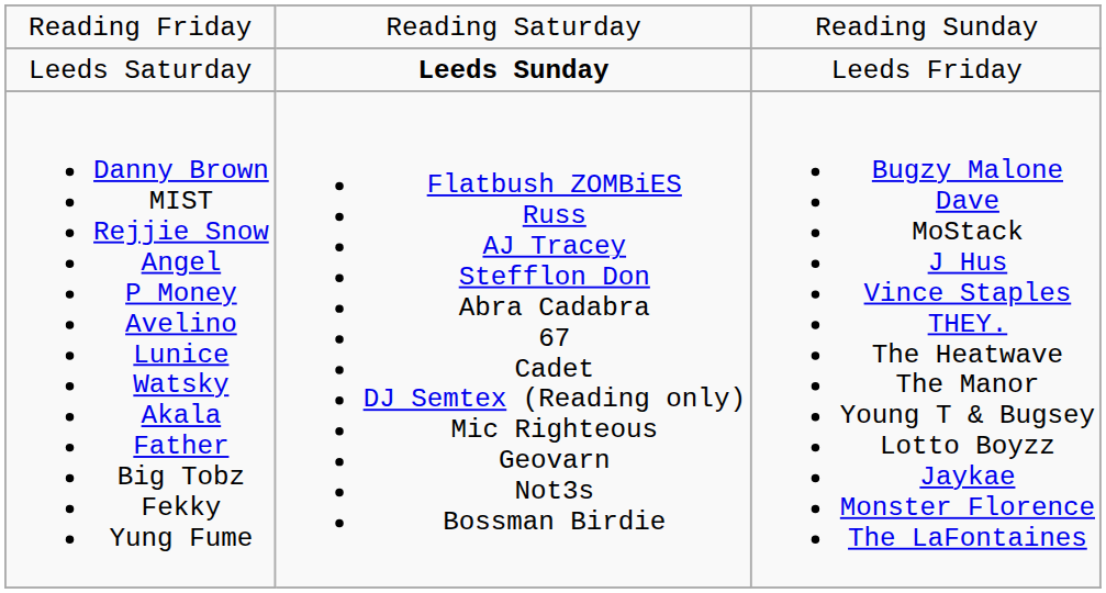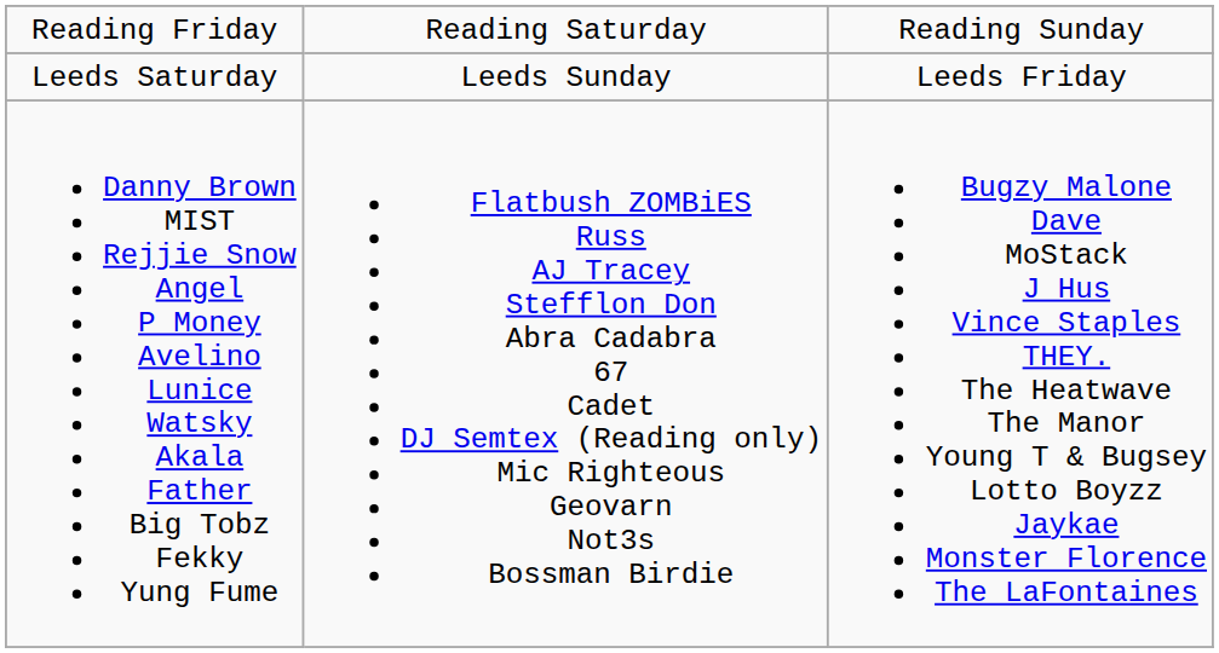 <table class="wikitable" style="text-align:center;">
 <tr>
 <td>Reading Friday</td>
 <td>Reading Saturday</td>
 <td>Reading Sunday</td>
 </tr>
 <tr>
 <td>Leeds Saturday</td>
-<td><strong>Leeds Sunday</strong></td>
+<td>Leeds Sunday</td>
 <td>Leeds Friday</td>
 </tr>
 <tr>
 <td><br><ul><li><a href='#'>Danny Brown</a></li><li>MIST</li><li><a href='#'>Rejjie Snow</a></li><li><a href='#'>Angel</a></li><li><a href='#'>P Money</a></li><li><a href='#'>Avelino</a></li><li><a href='#'>Lunice</a></li><li><a href='#'>Watsky</a></li><li><a href='#'>Akala</a></li><li><a href='#'>Father</a></li><li>Big Tobz</li><li>Fekky</li><li>Yung Fume</li></ul></td>
 <td><br><ul><li><a href='#'>Flatbush ZOMBiES</a></li><li><a href='#'>Russ</a></li><li><a href='#'>AJ Tracey</a></li><li><a href='#'>Stefflon Don</a></li><li>Abra Cadabra</li><li>67</li><li>Cadet</li><li><a href='#'>DJ Semtex</a> (Reading only)</li><li>Mic Righteous</li><li>Geovarn</li><li>Not3s</li><li>Bossman Birdie</li></ul></td>
 <td><br><ul><li><a href='#'>Bugzy Malone</a></li><li><a href='#'>Dave</a></li><li>MoStack</li><li><a href='#'>J Hus</a></li><li><a href='#'>Vince Staples</a></li><li><a href='#'>THEY.</a></li><li>The Heatwave</li><li>The Manor</li><li>Young T & Bugsey</li><li>Lotto Boyzz</li><li><a href='#'>Jaykae</a></li><li><a href='#'>Monster Florence</a></li><li><a href='#'>The LaFontaines</a></li></ul></td>
 </tr>
 </table>
